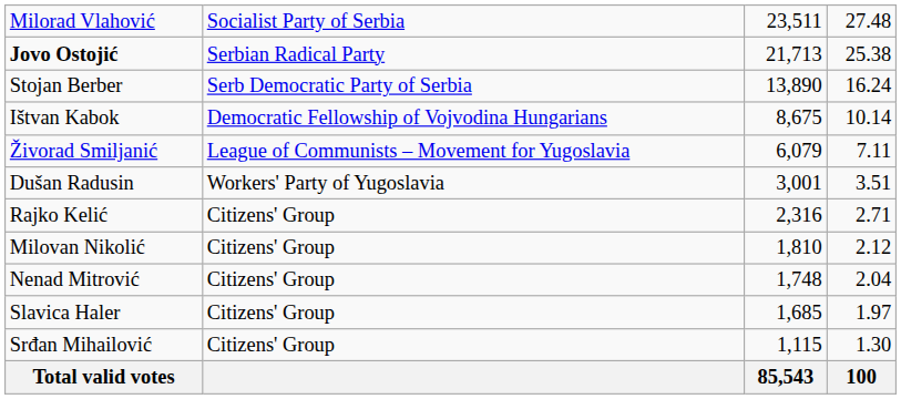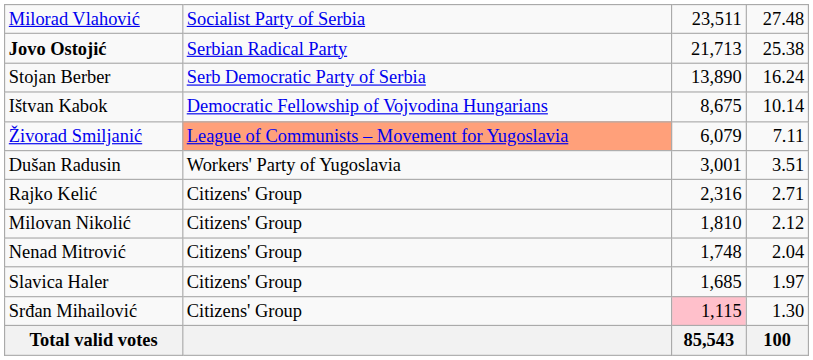 <table style="width:700px;" class="wikitable">
 <tr>
 <td align="left"><a href='#'>Milorad Vlahović</a></td>
 <td align="left"><a href='#'>Socialist Party of Serbia</a></td>
 <td align="right">23,511</td>
 <td align="right">27.48</td>
 </tr>
 <tr>
 <td align="left"><strong>Jovo Ostojić</strong></td>
 <td align="left"><a href='#'>Serbian Radical Party</a></td>
 <td align="right">21,713</td>
 <td align="right">25.38</td>
 </tr>
 <tr>
 <td align="left">Stojan Berber</td>
 <td align="left"><a href='#'>Serb Democratic Party of Serbia</a></td>
 <td align="right">13,890</td>
 <td align="right">16.24</td>
 </tr>
 <tr>
 <td align="left">Ištvan Kabok</td>
 <td align="left"><a href='#'>Democratic Fellowship of Vojvodina Hungarians</a></td>
 <td align="right">8,675</td>
 <td align="right">10.14</td>
 </tr>
 <tr>
 <td align="left"><a href='#'>Živorad Smiljanić</a></td>
-<td align="left"><a href='#'>League of Communists – Movement for Yugoslavia</a></td>
+<td align="left" style="background: lightsalmon;"><a href='#'>League of Communists – Movement for Yugoslavia</a></td>
 <td align="right">6,079</td>
 <td align="right">7.11</td>
 </tr>
 <tr>
 <td align="left">Dušan Radusin</td>
 <td align="left">Workers' Party of Yugoslavia</td>
 <td align="right">3,001</td>
 <td align="right">3.51</td>
 </tr>
 <tr>
 <td align="left">Rajko Kelić</td>
 <td align="left">Citizens' Group</td>
 <td align="right">2,316</td>
 <td align="right">2.71</td>
 </tr>
 <tr>
 <td align="left">Milovan Nikolić</td>
 <td align="left">Citizens' Group</td>
 <td align="right">1,810</td>
 <td align="right">2.12</td>
 </tr>
 <tr>
 <td align="left">Nenad Mitrović</td>
 <td align="left">Citizens' Group</td>
 <td align="right">1,748</td>
 <td align="right">2.04</td>
 </tr>
 <tr>
 <td align="left">Slavica Haler</td>
 <td align="left">Citizens' Group</td>
 <td align="right">1,685</td>
 <td align="right">1.97</td>
 </tr>
 <tr>
 <td align="left">Srđan Mihailović</td>
 <td align="left">Citizens' Group</td>
-<td align="right">1,115</td>
+<td align="right" style="background: pink;">1,115</td>
 <td align="right">1.30</td>
 </tr>
 <tr>
 <th align="left">Total valid votes</th>
 <th align="left"></th>
 <th align="right">85,543</th>
 <th align="right">100</th>
 </tr>
 </table>
